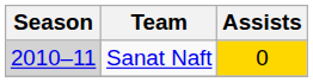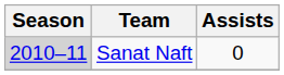 <table class="wikitable" style="text-align: center;">
 <tr>
 <th>Season</th>
 <th>Team</th>
 <th>Assists</th>
 </tr>
 <tr>
 <td style="background: lightgrey;"><a href='#'>2010–11</a></td>
 <td align="left"><a href='#'>Sanat Naft</a></td>
-<td style="background: gold;">0</td>
+<td>0</td>
 </tr>
 <tr>
 </tr>
 </table>
